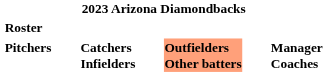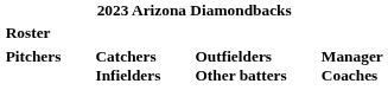 <table class="toccolours" style="font-size: 95%;">
 <tr>
 <th colspan="10">2023 Arizona Diamondbacks</th>
 </tr>
 <tr>
 <td colspan="10"><strong>Roster</strong></td>
 </tr>
 <tr>
 <td valign="top"><strong>Pitchers</strong><br>                                                               </td>
 <td width="25px"></td>
 <td valign="top"><strong>Catchers</strong><br>         <strong>Infielders</strong>                       </td>
 <td width="25px"></td>
-<td valign="top" style="background: lightsalmon;"><strong>Outfielders</strong><br>                       <strong>Other batters</strong> </td>
+<td valign="top"><strong>Outfielders</strong><br>                       <strong>Other batters</strong> </td>
 <td width="25px"></td>
 <td valign="top"><strong>Manager</strong><br> <strong>Coaches</strong>                          </td>
 </tr>
 <tr>
 </tr>
 </table>
